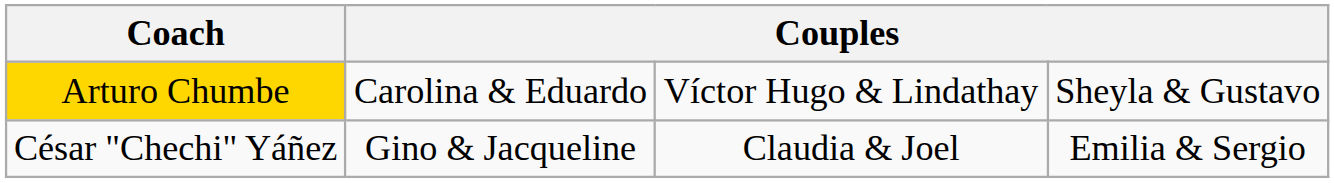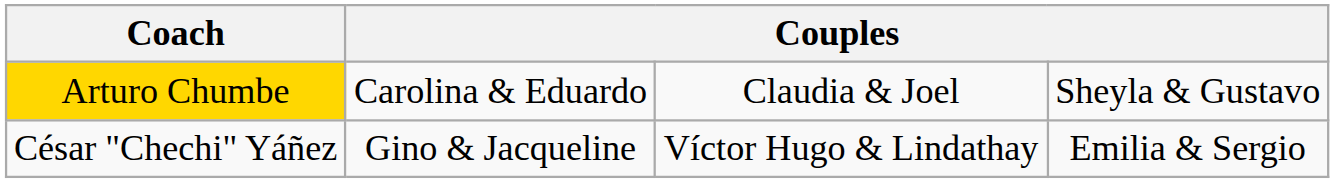 <table class="wikitable" style="text-align: center; margin:auto; align: center">
 <tr>
 <th>Coach</th>
 <th colspan=3>Couples</th>
 </tr>
 <tr>
 <td style="background:gold">Arturo Chumbe</td>
 <td>Carolina & Eduardo</td>
-<td>Víctor Hugo & Lindathay</td>
+<td>Claudia & Joel</td>
 <td>Sheyla & Gustavo</td>
 </tr>
 <tr>
 <td>César "Chechi" Yáñez</td>
 <td>Gino & Jacqueline</td>
-<td>Claudia & Joel</td>
+<td>Víctor Hugo & Lindathay</td>
 <td>Emilia & Sergio</td>
 </tr>
 </table>
